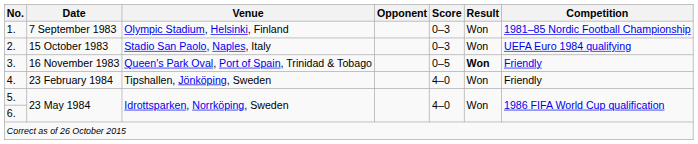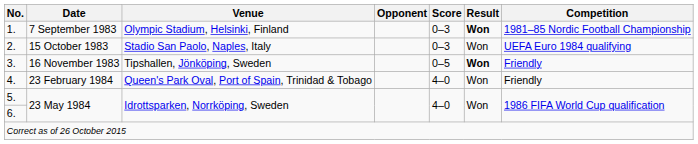 <table class="wikitable" style="font-size:95%;">
 <tr>
 <th>No.</th>
 <th>Date</th>
 <th>Venue</th>
 <th>Opponent</th>
 <th>Score</th>
 <th>Result</th>
 <th>Competition</th>
 </tr>
 <tr>
 <td>1.</td>
 <td>7 September 1983</td>
 <td><a href='#'>Olympic Stadium</a>, <a href='#'>Helsinki</a>, Finland</td>
 <td></td>
 <td>0–3</td>
-<td>Won</td>
+<td><strong>Won</strong></td>
 <td><a href='#'>1981–85 Nordic Football Championship</a></td>
 </tr>
 <tr>
 <td>2.</td>
 <td>15 October 1983</td>
 <td><a href='#'>Stadio San Paolo</a>, <a href='#'>Naples</a>, Italy</td>
 <td></td>
 <td>0–3</td>
 <td>Won</td>
 <td><a href='#'>UEFA Euro 1984 qualifying</a></td>
 </tr>
 <tr>
 <td>3.</td>
 <td>16 November 1983</td>
-<td><a href='#'>Queen's Park Oval</a>, <a href='#'>Port of Spain</a>, Trinidad & Tobago</td>
+<td>Tipshallen, <a href='#'>Jönköping</a>, Sweden</td>
 <td></td>
 <td>0–5</td>
 <td><strong>Won</strong></td>
 <td><a href='#'>Friendly</a></td>
 </tr>
 <tr>
 <td>4.</td>
 <td>23 February 1984</td>
-<td>Tipshallen, <a href='#'>Jönköping</a>, Sweden</td>
+<td><a href='#'>Queen's Park Oval</a>, <a href='#'>Port of Spain</a>, Trinidad & Tobago</td>
 <td></td>
 <td>4–0</td>
 <td>Won</td>
 <td>Friendly</td>
 </tr>
 <tr>
 <td>5.</td>
 <td rowspan="2">23 May 1984</td>
 <td rowspan="2"><a href='#'>Idrottsparken</a>, <a href='#'>Norrköping</a>, Sweden</td>
 <td rowspan="2"></td>
 <td rowspan="2">4–0</td>
 <td rowspan="2">Won</td>
 <td rowspan="2"><a href='#'>1986 FIFA World Cup qualification</a></td>
 </tr>
 <tr>
 <td>6.</td>
 </tr>
 <tr>
 <td colspan="12"><small><em>Correct as of 26 October 2015</em></small></td>
 </tr>
 </table>
